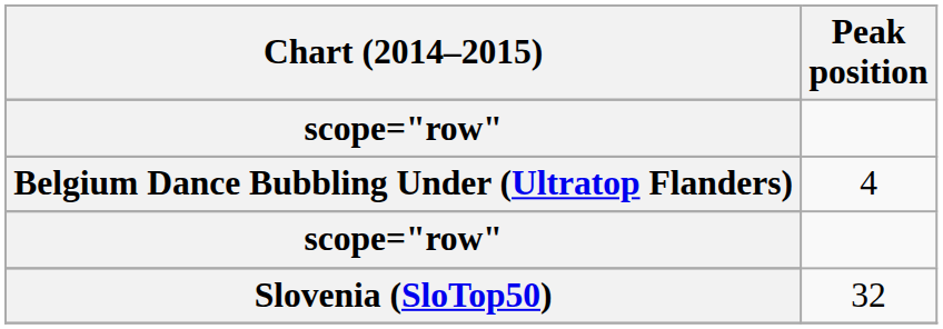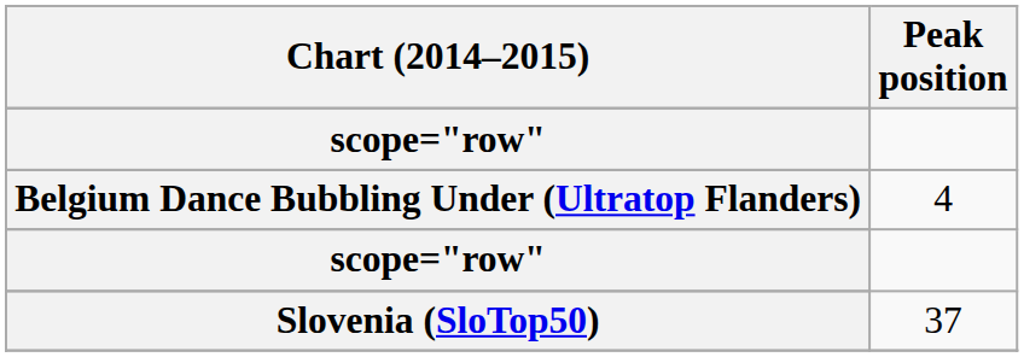 <table class="wikitable sortable plainrowheaders">
 <tr>
 <th>Chart (2014–2015)</th>
 <th>Peak<br>position</th>
 </tr>
 <tr>
 </tr>
 <tr>
 </tr>
 <tr>
 </tr>
 <tr>
 <th>scope="row" </th>
 </tr>
 <tr>
 </tr>
 <tr>
 <th scope="row">Belgium Dance Bubbling Under (<a href='#'>Ultratop</a> Flanders)</th>
 <td align=center>4</td>
 </tr>
 <tr>
 </tr>
 <tr>
 <th>scope="row" </th>
 </tr>
 <tr>
 </tr>
 <tr>
 </tr>
 <tr>
 </tr>
 <tr>
 </tr>
 <tr>
 </tr>
 <tr>
 </tr>
 <tr>
 </tr>
 <tr>
 </tr>
 <tr>
 </tr>
 <tr>
 </tr>
 <tr>
 </tr>
 <tr>
 </tr>
 <tr>
 </tr>
 <tr>
 </tr>
 <tr>
 </tr>
 <tr>
 <th scope="row">Slovenia (<a href='#'>SloTop50</a>)</th>
-<td align=center>32</td>
+<td align=center>37</td>
 </tr>
 <tr>
 </tr>
 <tr>
 </tr>
 <tr>
 </tr>
 </table>
